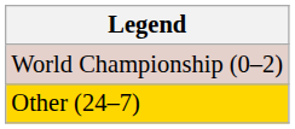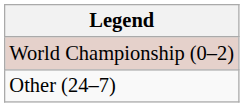 <table class="wikitable">
 <tr>
 <th>Legend</th>
 </tr>
 <tr bgcolor="#e5d1cb">
 <td>World Championship (0–2) </td>
 </tr>
 <tr>
-<td style="background: gold;">Other (24–7)</td>
+<td>Other (24–7)</td>
 </tr>
 </table>
